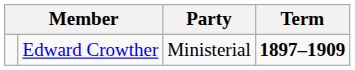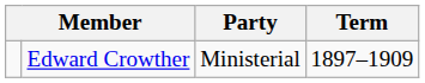 <table class="wikitable">
 <tr>
 <th colspan=2>Member</th>
 <th>Party</th>
 <th>Term</th>
 </tr>
 <tr>
 <td> </td>
 <td><a href='#'>Edward Crowther</a></td>
 <td>Ministerial</td>
-<td><strong>1897–1909</strong></td>
+<td>1897–1909</td>
 </tr>
 </table>
